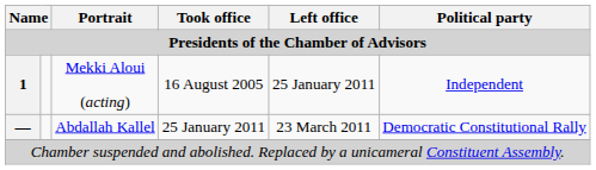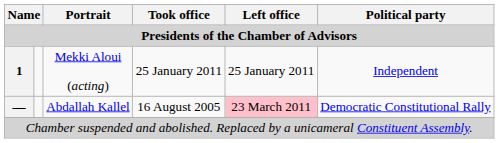 <table class="wikitable" style="text-align:center">
 <tr>
 <th colspan=2>Name</th>
 <th>Portrait</th>
 <th>Took office</th>
 <th>Left office</th>
 <th>Political party</th>
 </tr>
 <tr>
 <td colspan="6" bgcolor="lightgrey" align=center><strong>Presidents of the Chamber of Advisors</strong></td>
 </tr>
 <tr>
 <th style="background:">1</th>
 <td></td>
 <td><a href='#'>Mekki Aloui</a><br><br>(<em>acting</em>)</td>
-<td>16 August 2005</td>
+<td>25 January 2011</td>
 <td>25 January 2011</td>
 <td><a href='#'>Independent</a></td>
 </tr>
 <tr>
 <th style="background: ">—</th>
 <td></td>
 <td><a href='#'>Abdallah Kallel</a><br></td>
-<td>25 January 2011</td>
-<td>23 March 2011</td>
+<td>16 August 2005</td>
+<td style="background: pink;">23 March 2011</td>
 <td><a href='#'>Democratic Constitutional Rally</a></td>
 </tr>
 <tr>
 <td colspan="6" bgcolor="lightgrey" align=center><em>Chamber suspended and abolished. Replaced by a unicameral <a href='#'>Constituent Assembly</a>.</em></td>
 </tr>
 </table>
